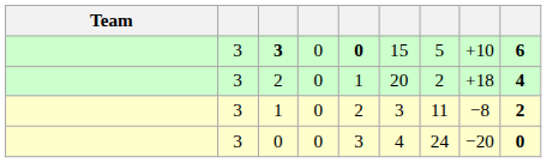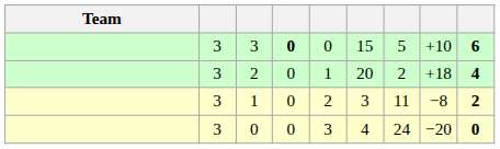 <table class="wikitable" style="text-align: center; font-size:90% ">
 <tr>
 <th width=160>Team</th>
 <th width=25></th>
 <th width=25></th>
 <th width=25></th>
 <th width=25></th>
 <th width=25></th>
 <th width=25></th>
 <th width=25></th>
 <th width=25></th>
 </tr>
 <tr bgcolor="ccffcc">
 <td align=left></td>
 <td>3</td>
-<td><strong>3</strong></td>
+<td>3</td>
+<td><strong>0</strong></td>
 <td>0</td>
-<td><strong>0</strong></td>
 <td>15</td>
 <td>5</td>
 <td>+10</td>
 <td><strong>6</strong></td>
 </tr>
 <tr bgcolor="ccffcc">
 <td align=left></td>
 <td>3</td>
 <td>2</td>
 <td>0</td>
 <td>1</td>
 <td>20</td>
 <td>2</td>
 <td>+18</td>
 <td><strong>4</strong></td>
 </tr>
 <tr bgcolor="ffffcc">
 <td align=left></td>
 <td>3</td>
 <td>1</td>
 <td>0</td>
 <td>2</td>
 <td>3</td>
 <td>11</td>
 <td>−8</td>
 <td><strong>2</strong></td>
 </tr>
 <tr bgcolor="ffffcc">
 <td align=left></td>
 <td>3</td>
 <td>0</td>
 <td>0</td>
 <td>3</td>
 <td>4</td>
 <td>24</td>
 <td>−20</td>
 <td><strong>0</strong></td>
 </tr>
 </table>
